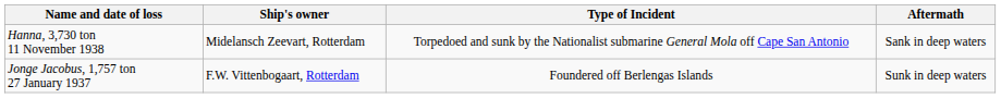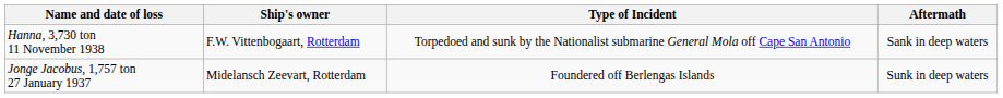 <table class="wikitable sortable" width="100%">
 <tr>
 <th width=20% class=unsortable>Name and date of loss</th>
 <th>Ship's owner</th>
 <th>Type of Incident</th>
 <th>Aftermath</th>
 </tr>
 <tr align="center">
 <td align=left> <em>Hanna</em>, 3,730 ton<br>11 November 1938</td>
-<td align=left> Midelansch Zeevart, Rotterdam</td>
+<td align=left> F.W. Vittenbogaart, <a href='#'>Rotterdam</a></td>
 <td>Torpedoed and sunk by the Nationalist submarine <em>General Mola</em> off <a href='#'> Cape San Antonio</a></td>
 <td>Sank in deep waters</td>
 </tr>
 <tr align="center">
 <td align=left> <em>Jonge Jacobus</em>, 1,757 ton<br>27 January 1937</td>
-<td align=left> F.W. Vittenbogaart, <a href='#'>Rotterdam</a></td>
+<td align=left> Midelansch Zeevart, Rotterdam</td>
 <td>Foundered off Berlengas Islands</td>
 <td>Sunk in deep waters</td>
 </tr>
 </table>
